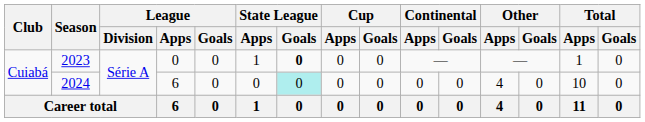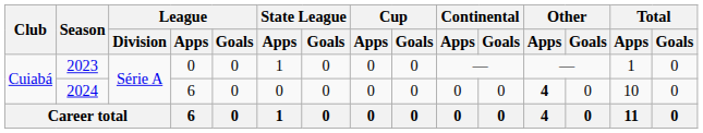 <table class="wikitable" style="text-align:center">
 <tr>
 <th rowspan="2">Club</th>
 <th rowspan="2">Season</th>
 <th colspan="3">League</th>
 <th colspan="2">State League</th>
 <th colspan="2">Cup</th>
 <th colspan="2">Continental</th>
 <th colspan="2">Other</th>
 <th colspan="2">Total</th>
 </tr>
 <tr>
 <th>Division</th>
 <th>Apps</th>
 <th>Goals</th>
 <th>Apps</th>
 <th>Goals</th>
 <th>Apps</th>
 <th>Goals</th>
 <th>Apps</th>
 <th>Goals</th>
 <th>Apps</th>
 <th>Goals</th>
 <th>Apps</th>
 <th>Goals</th>
 </tr>
 <tr>
 <td rowspan=2><a href='#'>Cuiabá</a></td>
 <td><a href='#'>2023</a></td>
 <td rowspan=2><a href='#'>Série A</a></td>
 <td>0</td>
 <td>0</td>
 <td>1</td>
-<td><strong>0</strong></td>
+<td>0</td>
 <td>0</td>
 <td>0</td>
 <td colspan=2>—</td>
 <td colspan=2>—</td>
 <td>1</td>
 <td>0</td>
 </tr>
 <tr>
 <td><a href='#'>2024</a></td>
 <td>6</td>
 <td>0</td>
 <td>0</td>
-<td style="background: paleturquoise;">0</td>
 <td>0</td>
 <td>0</td>
 <td>0</td>
 <td>0</td>
-<td>4</td>
+<td>0</td>
+<td><strong>4</strong></td>
 <td>0</td>
 <td>10</td>
 <td>0</td>
 </tr>
 <tr>
 <th colspan=3>Career total</th>
 <th>6</th>
 <th>0</th>
 <th>1</th>
 <th>0</th>
 <th>0</th>
 <th>0</th>
 <th>0</th>
 <th>0</th>
 <th>4</th>
 <th>0</th>
 <th>11</th>
 <th>0</th>
 </tr>
 </table>
